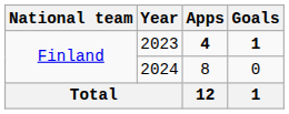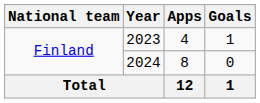 <table class="wikitable" style="text-align:center">
 <tr>
 <th>National team</th>
 <th>Year</th>
 <th>Apps</th>
 <th>Goals</th>
 </tr>
 <tr>
 <td rowspan="2"><a href='#'>Finland</a></td>
 <td>2023</td>
-<td><strong>4</strong></td>
-<td><strong>1</strong></td>
+<td>4</td>
+<td>1</td>
 </tr>
 <tr>
 <td>2024</td>
 <td>8</td>
 <td>0</td>
 </tr>
 <tr>
 <th colspan="2">Total</th>
 <th>12</th>
 <th>1</th>
 </tr>
 </table>
